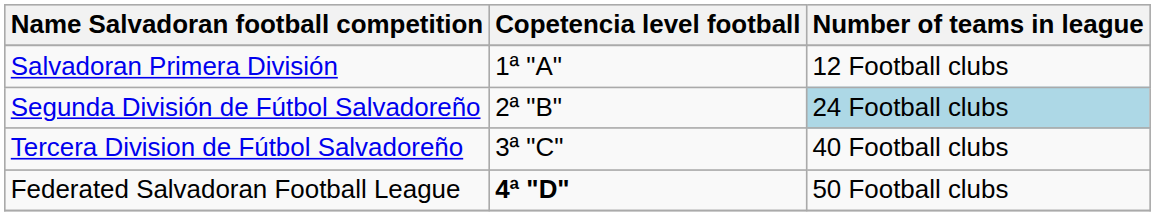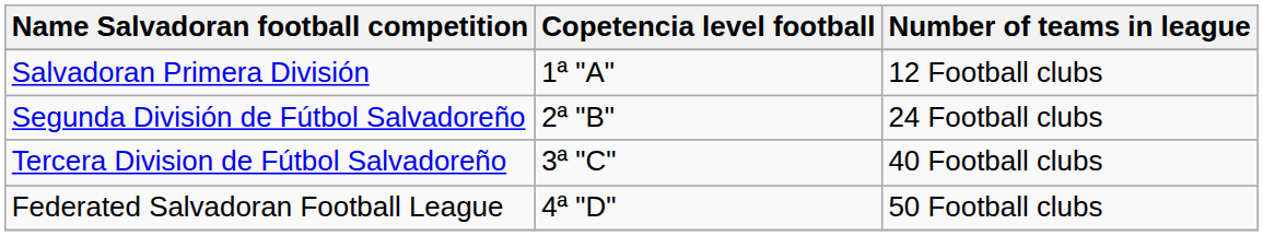 <table class="wikitable" style="text-align: left">
 <tr>
 <th rowspan="1">Name Salvadoran football competition</th>
 <th rowspan="1">Copetencia level football</th>
 <th rowspan="1">Number of teams in league</th>
 </tr>
 <tr>
 </tr>
 <tr>
 </tr>
 <tr>
 <td><a href='#'>Salvadoran Primera División</a></td>
 <td align=left>1ª "A"</td>
 <td align=left>12 Football clubs</td>
 </tr>
 <tr>
 <td><a href='#'>Segunda División de Fútbol Salvadoreño</a></td>
 <td align=left>2ª "B"</td>
-<td align=left style="background: lightblue;">24 Football clubs</td>
+<td align=left>24 Football clubs</td>
 </tr>
 <tr>
 <td><a href='#'>Tercera Division de Fútbol Salvadoreño</a></td>
 <td align=left>3ª "C"</td>
 <td align=left>40 Football clubs</td>
 </tr>
 <tr>
 <td>Federated Salvadoran Football League</td>
-<td align=left><strong>4ª "D"</strong></td>
+<td align=left>4ª "D"</td>
 <td align=left>50 Football clubs</td>
 </tr>
 <tr>
 </tr>
 </table>
